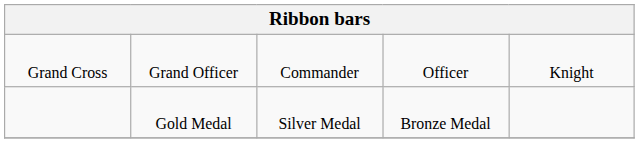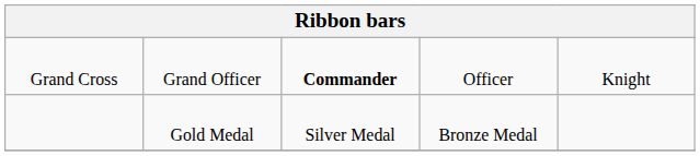 <table align=center class=wikitable width=60%>
 <tr>
 <th colspan=5>Ribbon bars</th>
 </tr>
 <tr>
 <td width=20% valign=center align=center><br><small>Grand Cross</small></td>
 <td width=20% valign=center align=center><br><small>Grand Officer</small></td>
-<td width=20% valign=center align=center><br><small>Commander</small></td>
+<td width=20% valign=center align=center><strong><br><small>Commander</small></strong></td>
 <td width=20% valign=center align=center><br><small>Officer</small></td>
 <td width=20% valign=center align=center><br><small>Knight</small></td>
 </tr>
 <tr>
 <td width=20% valign=center align=center></td>
 <td width=20% valign=center align=center><br><small>Gold Medal</small></td>
 <td width=20% valign=center align=center><br><small>Silver Medal</small></td>
 <td width=20% valign=center align=center><br><small>Bronze Medal</small></td>
 <td width=20% valign=center align=center></td>
 </tr>
 <tr>
 </tr>
 </table>
